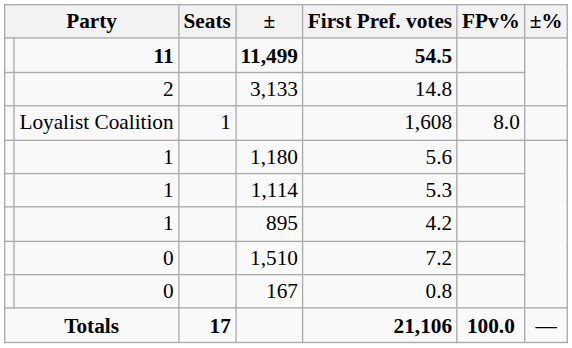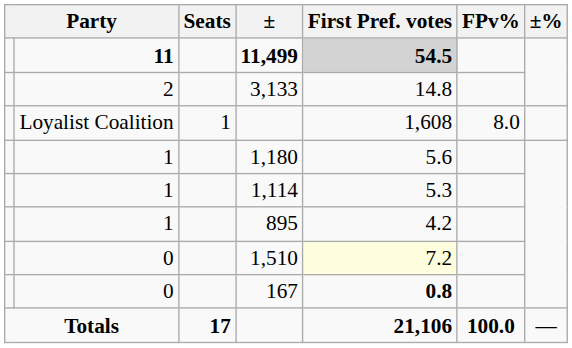 <table class=wikitable>
 <tr>
 <th colspan=2 align=center>Party</th>
 <th valign=top>Seats</th>
 <th valign=top>±</th>
 <th valign=top>First Pref. votes</th>
 <th valign=top>FPv%</th>
 <th valign=top>±%</th>
 </tr>
 <tr>
 <td></td>
 <td align=right><strong>11</strong></td>
 <td align=right></td>
 <td align=right><strong>11,499</strong></td>
-<td align=right><strong>54.5</strong></td>
+<td align=right style="background: lightgrey;"><strong>54.5</strong></td>
 <td align=right></td>
 </tr>
 <tr>
 <td></td>
 <td align=right>2</td>
 <td align=right></td>
 <td align=right>3,133</td>
 <td align=right>14.8</td>
 <td align=right></td>
 </tr>
 <tr>
 <td></td>
 <td>Loyalist Coalition</td>
 <td align=right>1</td>
 <td align=right></td>
 <td align=right>1,608</td>
 <td align=right>8.0</td>
 <td align=right></td>
 </tr>
 <tr>
 <td></td>
 <td align=right>1</td>
 <td align=right></td>
 <td align=right>1,180</td>
 <td align=right>5.6</td>
 <td align=right></td>
 </tr>
 <tr>
 <td></td>
 <td align=right>1</td>
 <td align=right></td>
 <td align=right>1,114</td>
 <td align=right>5.3</td>
 <td align=right></td>
 </tr>
 <tr>
 <td></td>
 <td align=right>1</td>
 <td align=right></td>
 <td align=right>895</td>
 <td align=right>4.2</td>
 <td align=right></td>
 </tr>
 <tr>
 <td></td>
 <td align=right>0</td>
 <td align=right></td>
 <td align=right>1,510</td>
-<td align=right>7.2</td>
+<td align=right style="background: lightyellow;">7.2</td>
 <td align=right></td>
 </tr>
 <tr>
 <td></td>
 <td align=right>0</td>
 <td align=right></td>
 <td align=right>167</td>
-<td align=right>0.8</td>
+<td align=right><strong>0.8</strong></td>
 <td align=right></td>
 </tr>
 <tr>
 <td colspan=2 align=center><strong>Totals</strong></td>
 <td align=right><strong>17</strong></td>
 <td align=center></td>
 <td align=right><strong>21,106</strong></td>
 <td align=center><strong>100.0</strong></td>
 <td align=center>—</td>
 </tr>
 </table>
